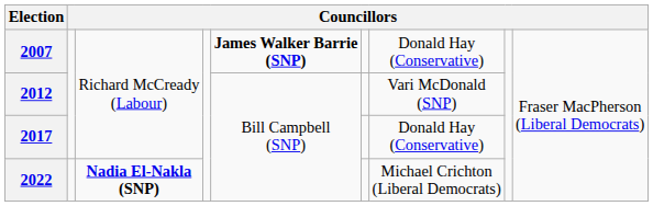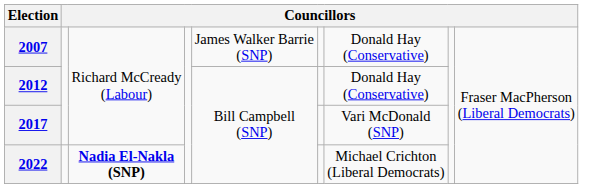 <table class="wikitable" style="text-align:center">
 <tr>
 <th>Election</th>
 <th colspan="8">Councillors</th>
 </tr>
 <tr>
 <th><a href='#'>2007</a></th>
 <td rowspan="3;" style="background-color: "></td>
 <td rowspan="3">Richard McCready<br>(<a href='#'>Labour</a>)</td>
 <td rowspan="4;" style="background-color: "></td>
-<td><strong>James Walker Barrie<br>(<a href='#'>SNP</a>)</strong></td>
+<td>James Walker Barrie<br>(<a href='#'>SNP</a>)</td>
 <td rowspan="1;" style="background-color: "></td>
 <td>Donald Hay<br>(<a href='#'>Conservative</a>)</td>
 <td rowspan="4;" style="background-color: "></td>
 <td rowspan="5">Fraser MacPherson<br>(<a href='#'>Liberal Democrats</a>)</td>
 </tr>
 <tr>
 <th><a href='#'>2012</a></th>
 <td rowspan="3">Bill Campbell<br>(<a href='#'>SNP</a>)</td>
 <td rowspan="1;" style="background-color: "></td>
-<td>Vari McDonald<br>(<a href='#'>SNP</a>)</td>
+<td>Donald Hay<br>(<a href='#'>Conservative</a>)</td>
 </tr>
 <tr>
 <th><a href='#'>2017</a></th>
 <td rowspan="1;" style="background-color: "></td>
-<td>Donald Hay<br>(<a href='#'>Conservative</a>)</td>
+<td>Vari McDonald<br>(<a href='#'>SNP</a>)</td>
 </tr>
 <tr>
 <th><a href='#'>2022</a></th>
 <td rowspan="1;" style="background-color: "></td>
 <td><strong><a href='#'>Nadia El-Nakla</a><br>(SNP)</strong></td>
 <td rowspan="1;" style="background-color: "></td>
 <td>Michael Crichton<br>(Liberal Democrats)</td>
 </tr>
 </table>
